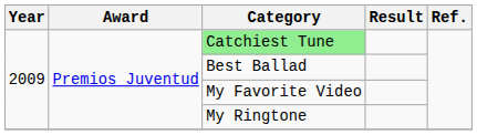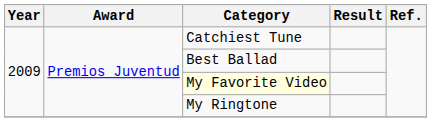 <table class="wikitable">
 <tr>
 <th>Year</th>
 <th>Award</th>
 <th>Category</th>
 <th>Result</th>
 <th>Ref.</th>
 </tr>
 <tr>
 <td rowspan="4">2009</td>
 <td rowspan="4"><a href='#'>Premios Juventud</a></td>
-<td style="background: lightgreen;">Catchiest Tune</td>
+<td>Catchiest Tune</td>
 <td></td>
 <td rowspan="4"></td>
 </tr>
 <tr>
 <td>Best Ballad</td>
 <td></td>
 </tr>
 <tr>
-<td>My Favorite Video</td>
+<td style="background: lightyellow;">My Favorite Video</td>
 <td></td>
 </tr>
 <tr>
 <td>My Ringtone</td>
 <td></td>
 </tr>
 <tr>
 </tr>
 </table>
